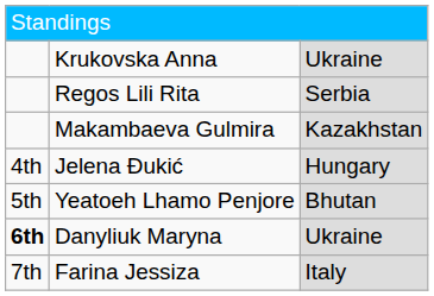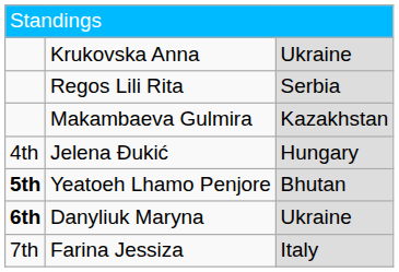 <table class="wikitable">
 <tr>
 <td colspan="3" style="background:#00baff;color:#fff">Standings</td>
 </tr>
 <tr>
 <td></td>
 <td>Krukovska Anna</td>
 <td style="background:#dddddd"> Ukraine</td>
 </tr>
 <tr>
 <td></td>
 <td>Regos Lili Rita</td>
 <td style="background:#dddddd"> Serbia</td>
 </tr>
 <tr>
 <td></td>
 <td>Makambaeva Gulmira</td>
 <td style="background:#dddddd"> Kazakhstan</td>
 </tr>
 <tr>
 <td>4th</td>
 <td>Jelena Đukić</td>
 <td style="background:#dddddd"> Hungary</td>
 </tr>
 <tr>
-<td>5th</td>
+<td><strong>5th</strong></td>
 <td>Yeatoeh Lhamo Penjore</td>
 <td style="background:#dddddd"> Bhutan</td>
 </tr>
 <tr>
 <td><strong>6th</strong></td>
 <td>Danyliuk Maryna</td>
 <td style="background:#dddddd"> Ukraine</td>
 </tr>
 <tr>
 <td>7th</td>
 <td>Farina Jessiza</td>
 <td style="background:#dddddd"> Italy</td>
 </tr>
 </table>
